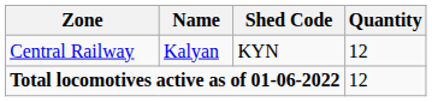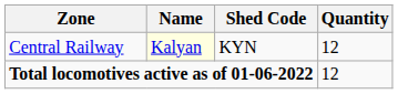 <table class="wikitable">
 <tr>
 <th>Zone</th>
 <th>Name</th>
 <th>Shed Code</th>
 <th>Quantity</th>
 </tr>
 <tr>
 <td><a href='#'>Central Railway</a></td>
-<td><a href='#'>Kalyan</a></td>
+<td style="background: lightyellow;"><a href='#'>Kalyan</a></td>
 <td>KYN</td>
 <td>12</td>
 </tr>
 <tr>
 <td colspan="3"><strong>Total locomotives active as of 01-06-2022</strong></td>
 <td>12</td>
 </tr>
 </table>
